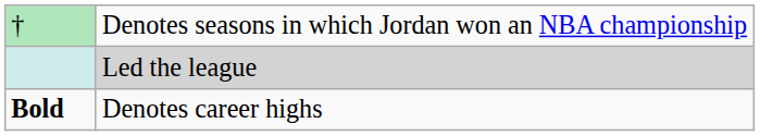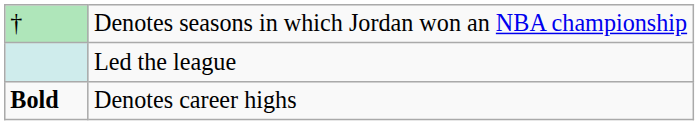 <table class="wikitable">
 <tr>
 <td style="background:#afe6ba; width:3em;">†</td>
 <td>Denotes seasons in which Jordan won an <a href='#'>NBA championship</a></td>
 </tr>
 <tr>
 <td style="background:#CFECEC; width:1em"></td>
-<td style="background: lightgrey;">Led the league</td>
+<td>Led the league</td>
 </tr>
 <tr>
 <td><strong>Bold</strong></td>
 <td>Denotes career highs</td>
 </tr>
 </table>
